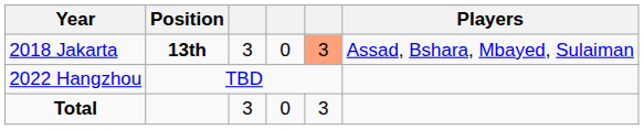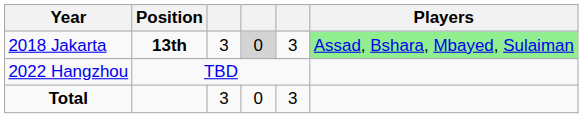 <table class="wikitable" style="text-align: center;">
 <tr>
 <th>Year</th>
 <th>Position</th>
 <th width=25px></th>
 <th width=25px></th>
 <th width=25px></th>
 <th>Players</th>
 </tr>
 <tr>
 <td style="text-align: left;"> <a href='#'>2018 Jakarta</a></td>
 <td><strong>13th</strong></td>
 <td>3</td>
-<td>0</td>
-<td style="background: lightsalmon;">3</td>
-<td><a href='#'>Assad</a>, <a href='#'>Bshara</a>, <a href='#'>Mbayed</a>, <a href='#'>Sulaiman</a></td>
+<td style="background: lightgrey;">0</td>
+<td>3</td>
+<td style="background: lightgreen;"><a href='#'>Assad</a>, <a href='#'>Bshara</a>, <a href='#'>Mbayed</a>, <a href='#'>Sulaiman</a></td>
 </tr>
 <tr>
 <td style="text-align: left;"> <a href='#'>2022 Hangzhou</a></td>
 <td colspan=4><a href='#'>TBD</a></td>
 <td></td>
 </tr>
 <tr>
 <td><strong>Total</strong></td>
 <td></td>
 <td>3</td>
 <td>0</td>
 <td>3</td>
 <td></td>
 </tr>
 </table>
